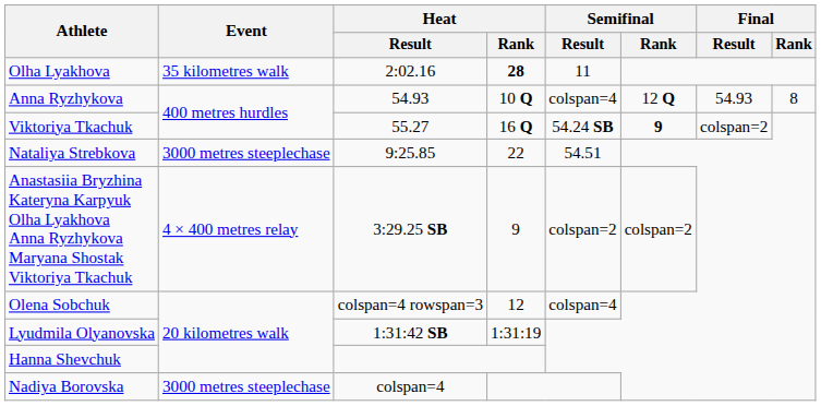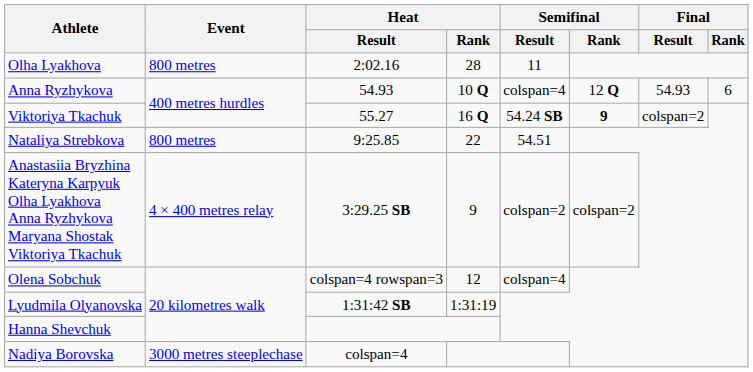 <table class="wikitable" style="font-size:90%">
 <tr>
 <th rowspan="2">Athlete</th>
 <th rowspan="2">Event</th>
 <th colspan="2">Heat</th>
 <th colspan="2">Semifinal</th>
 <th colspan="2">Final</th>
 </tr>
 <tr style="font-size:95%">
 <th>Result</th>
 <th>Rank</th>
 <th>Result</th>
 <th>Rank</th>
 <th>Result</th>
 <th>Rank</th>
 </tr>
 <tr style=text-align:center>
 <td style=text-align:left><a href='#'>Olha Lyakhova</a></td>
-<td style=text-align:left><a href='#'>35 kilometres walk</a></td>
+<td style=text-align:left><a href='#'>800 metres</a></td>
 <td>2:02.16</td>
-<td><strong>28</strong></td>
+<td>28</td>
 <td>11</td>
 </tr>
 <tr style=text-align:center>
 <td style=text-align:left><a href='#'>Anna Ryzhykova</a></td>
 <td style=text-align:left rowspan=2><a href='#'>400 metres hurdles</a></td>
 <td>54.93</td>
 <td>10 <strong>Q</strong></td>
 <td>colspan=4 </td>
 <td>12 <strong>Q</strong></td>
 <td>54.93</td>
-<td>8</td>
+<td>6</td>
 </tr>
 <tr style=text-align:center>
 <td style=text-align:left><a href='#'>Viktoriya Tkachuk</a></td>
 <td>55.27</td>
 <td>16 <strong>Q</strong></td>
 <td>54.24 <strong>SB</strong></td>
 <td><strong>9</strong></td>
 <td>colspan=2 </td>
 </tr>
 <tr style=text-align:center>
 <td style=text-align:left><a href='#'>Nataliya Strebkova</a></td>
-<td style=text-align:left><a href='#'>3000 metres steeplechase</a></td>
+<td style=text-align:left><a href='#'>800 metres</a></td>
 <td>9:25.85</td>
 <td>22</td>
 <td>54.51</td>
 </tr>
 <tr style=text-align:center>
 <td style=text-align:left><a href='#'>Anastasiia Bryzhina</a><br><a href='#'>Kateryna Karpyuk</a><br><a href='#'>Olha Lyakhova</a><br><a href='#'>Anna Ryzhykova</a><br><a href='#'>Maryana Shostak</a><br><a href='#'>Viktoriya Tkachuk</a></td>
 <td style=text-align:left><a href='#'>4 × 400 metres relay</a></td>
 <td>3:29.25 <strong>SB</strong></td>
 <td>9</td>
 <td>colspan=2 </td>
 <td>colspan=2 </td>
 </tr>
 <tr style=text-align:center>
 <td style=text-align:left><a href='#'>Olena Sobchuk</a></td>
 <td style=text-align:left rowspan=3><a href='#'>20 kilometres walk</a></td>
 <td>colspan=4 rowspan=3 </td>
 <td>12</td>
 <td>colspan=4</td>
 </tr>
 <tr style=text-align:center>
 <td style=text-align:left><a href='#'>Lyudmila Olyanovska</a></td>
 <td>1:31:42 <strong>SB</strong></td>
 <td>1:31:19</td>
 </tr>
 <tr style=text-align:center>
 <td style=text-align:left><a href='#'>Hanna Shevchuk</a></td>
 <td colspan=2></td>
 </tr>
 <tr style=text-align:center>
 <td style=text-align:left><a href='#'>Nadiya Borovska</a></td>
 <td style=text-align:left><a href='#'>3000 metres steeplechase</a></td>
 <td>colspan=4 </td>
 <td colspan=2></td>
 </tr>
 </table>
